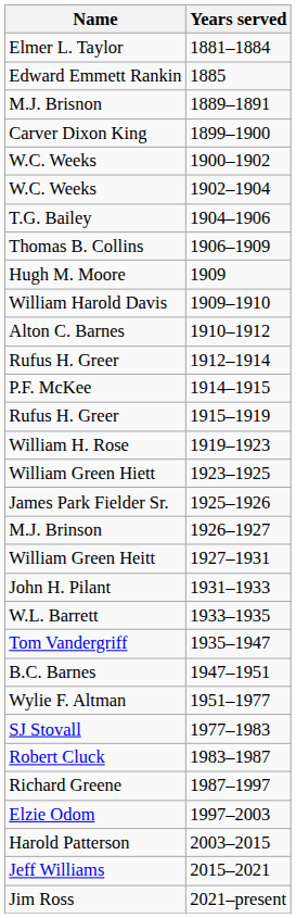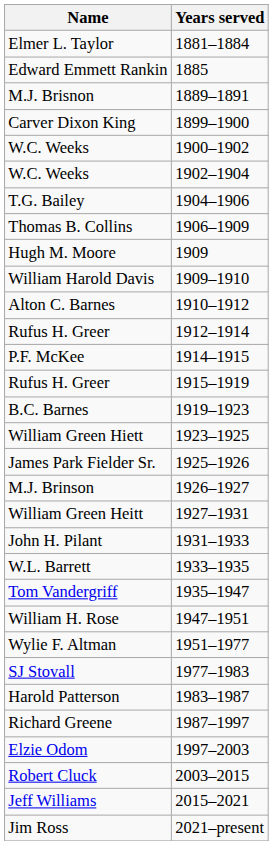 <table class="wikitable mw-collapsible">
 <tr>
 <th scope="col">Name</th>
 <th scope="col">Years served</th>
 </tr>
 <tr>
 <td scope="row">Elmer L. Taylor</td>
 <td>1881–1884</td>
 </tr>
 <tr>
 <td scope="row">Edward Emmett Rankin</td>
 <td>1885</td>
 </tr>
 <tr>
 <td scope="row">M.J. Brisnon</td>
 <td>1889–1891</td>
 </tr>
 <tr>
 <td scope="row">Carver Dixon King</td>
 <td>1899–1900</td>
 </tr>
 <tr>
 <td scope="row">W.C. Weeks</td>
 <td>1900–1902</td>
 </tr>
 <tr>
 <td scope="row">W.C. Weeks</td>
 <td>1902–1904</td>
 </tr>
 <tr>
 <td scope="row">T.G. Bailey</td>
 <td>1904–1906</td>
 </tr>
 <tr>
 <td scope="row">Thomas B. Collins</td>
 <td>1906–1909</td>
 </tr>
 <tr>
 <td scope="row">Hugh M. Moore</td>
 <td>1909</td>
 </tr>
 <tr>
 <td scope="row">William Harold Davis</td>
 <td>1909–1910</td>
 </tr>
 <tr>
 <td scope="row">Alton C. Barnes</td>
 <td>1910–1912</td>
 </tr>
 <tr>
 <td scope="row">Rufus H. Greer</td>
 <td>1912–1914</td>
 </tr>
 <tr>
 <td scope="row">P.F. McKee</td>
 <td>1914–1915</td>
 </tr>
 <tr>
 <td scope="row">Rufus H. Greer</td>
 <td>1915–1919</td>
 </tr>
 <tr>
-<td scope="row">William H. Rose</td>
+<td scope="row">B.C. Barnes</td>
 <td>1919–1923</td>
 </tr>
 <tr>
 <td scope="row">William Green Hiett</td>
 <td>1923–1925</td>
 </tr>
 <tr>
 <td scope="row">James Park Fielder Sr.</td>
 <td>1925–1926</td>
 </tr>
 <tr>
 <td scope="row">M.J. Brinson</td>
 <td>1926–1927</td>
 </tr>
 <tr>
 <td scope="row">William Green Heitt</td>
 <td>1927–1931</td>
 </tr>
 <tr>
 <td scope="row">John H. Pilant</td>
 <td>1931–1933</td>
 </tr>
 <tr>
 <td scope="row">W.L. Barrett</td>
 <td>1933–1935</td>
 </tr>
 <tr>
 <td scope="row"><a href='#'>Tom Vandergriff</a></td>
 <td>1935–1947</td>
 </tr>
 <tr>
-<td scope="row">B.C. Barnes</td>
+<td scope="row">William H. Rose</td>
 <td>1947–1951</td>
 </tr>
 <tr>
 <td scope="row">Wylie F. Altman</td>
 <td>1951–1977</td>
 </tr>
 <tr>
 <td scope="row"><a href='#'>SJ Stovall</a></td>
 <td>1977–1983</td>
 </tr>
 <tr>
-<td scope="row"><a href='#'>Robert Cluck</a></td>
+<td scope="row">Harold Patterson</td>
 <td>1983–1987</td>
 </tr>
 <tr>
 <td scope="row">Richard Greene</td>
 <td>1987–1997</td>
 </tr>
 <tr>
 <td scope="row"><a href='#'>Elzie Odom</a></td>
 <td>1997–2003</td>
 </tr>
 <tr>
-<td scope="row">Harold Patterson</td>
+<td scope="row"><a href='#'>Robert Cluck</a></td>
 <td>2003–2015</td>
 </tr>
 <tr>
 <td scope="row"><a href='#'>Jeff Williams</a></td>
 <td>2015–2021</td>
 </tr>
 <tr>
 <td>Jim Ross</td>
 <td>2021–present</td>
 </tr>
 </table>
